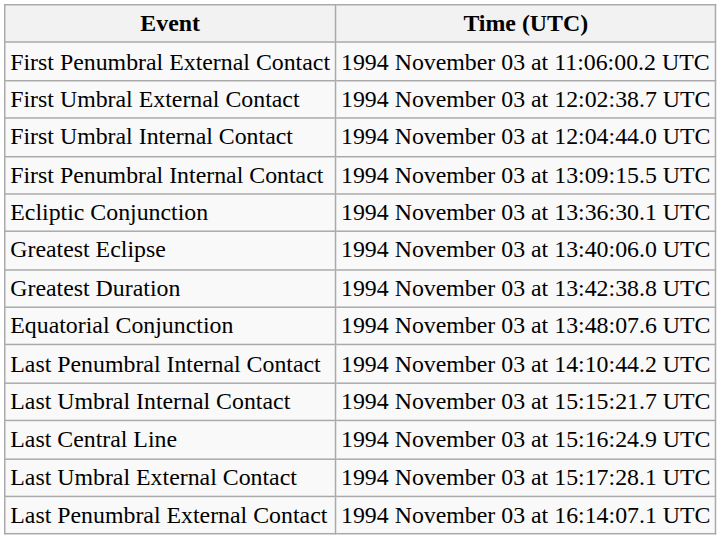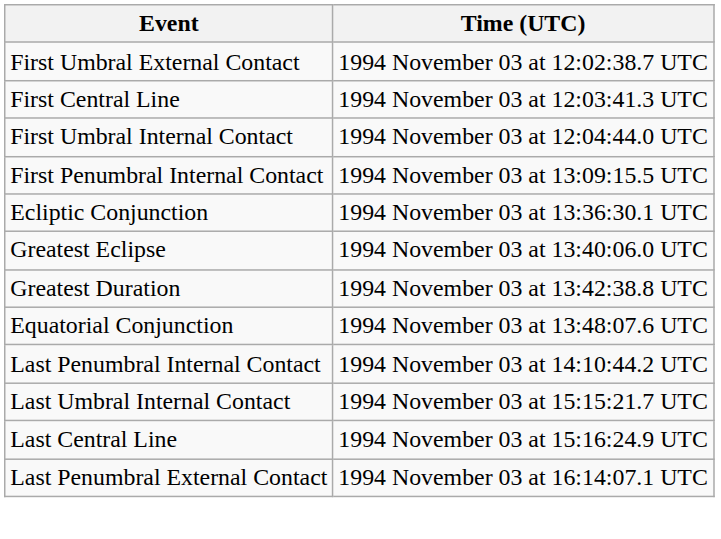 <table class="wikitable">
 <tr>
 <th>Event</th>
 <th>Time (UTC)</th>
 </tr>
 <tr>
-<td>First Penumbral External Contact</td>
-<td>1994 November 03 at 11:06:00.2 UTC</td>
+<td>First Umbral External Contact</td>
+<td>1994 November 03 at 12:02:38.7 UTC</td>
 </tr>
 <tr>
-<td>First Umbral External Contact</td>
-<td>1994 November 03 at 12:02:38.7 UTC</td>
+<td>First Central Line</td>
+<td>1994 November 03 at 12:03:41.3 UTC</td>
 </tr>
 <tr>
 <td>First Umbral Internal Contact</td>
 <td>1994 November 03 at 12:04:44.0 UTC</td>
 </tr>
 <tr>
 <td>First Penumbral Internal Contact</td>
 <td>1994 November 03 at 13:09:15.5 UTC</td>
 </tr>
 <tr>
 <td>Ecliptic Conjunction</td>
 <td>1994 November 03 at 13:36:30.1 UTC</td>
 </tr>
 <tr>
 <td>Greatest Eclipse</td>
 <td>1994 November 03 at 13:40:06.0 UTC</td>
 </tr>
 <tr>
 <td>Greatest Duration</td>
 <td>1994 November 03 at 13:42:38.8 UTC</td>
 </tr>
 <tr>
 <td>Equatorial Conjunction</td>
 <td>1994 November 03 at 13:48:07.6 UTC</td>
 </tr>
 <tr>
 <td>Last Penumbral Internal Contact</td>
 <td>1994 November 03 at 14:10:44.2 UTC</td>
 </tr>
 <tr>
 <td>Last Umbral Internal Contact</td>
 <td>1994 November 03 at 15:15:21.7 UTC</td>
 </tr>
 <tr>
 <td>Last Central Line</td>
 <td>1994 November 03 at 15:16:24.9 UTC</td>
 </tr>
 <tr>
-<td>Last Umbral External Contact</td>
-<td>1994 November 03 at 15:17:28.1 UTC</td>
-</tr>
-<tr>
 <td>Last Penumbral External Contact</td>
 <td>1994 November 03 at 16:14:07.1 UTC</td>
 </tr>
 </table>
